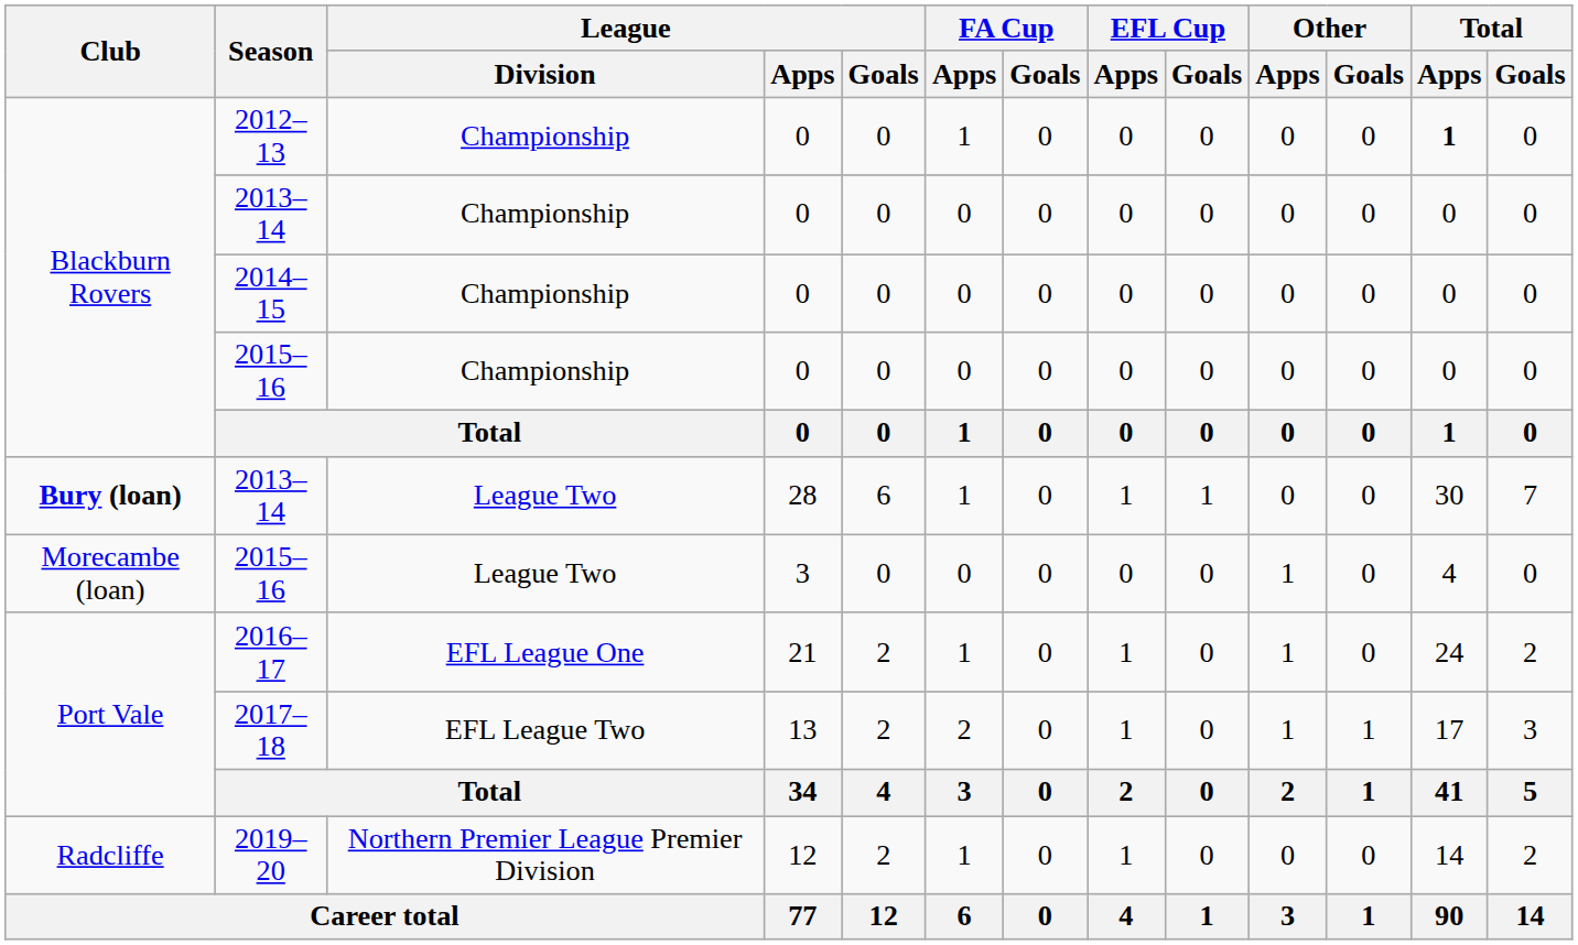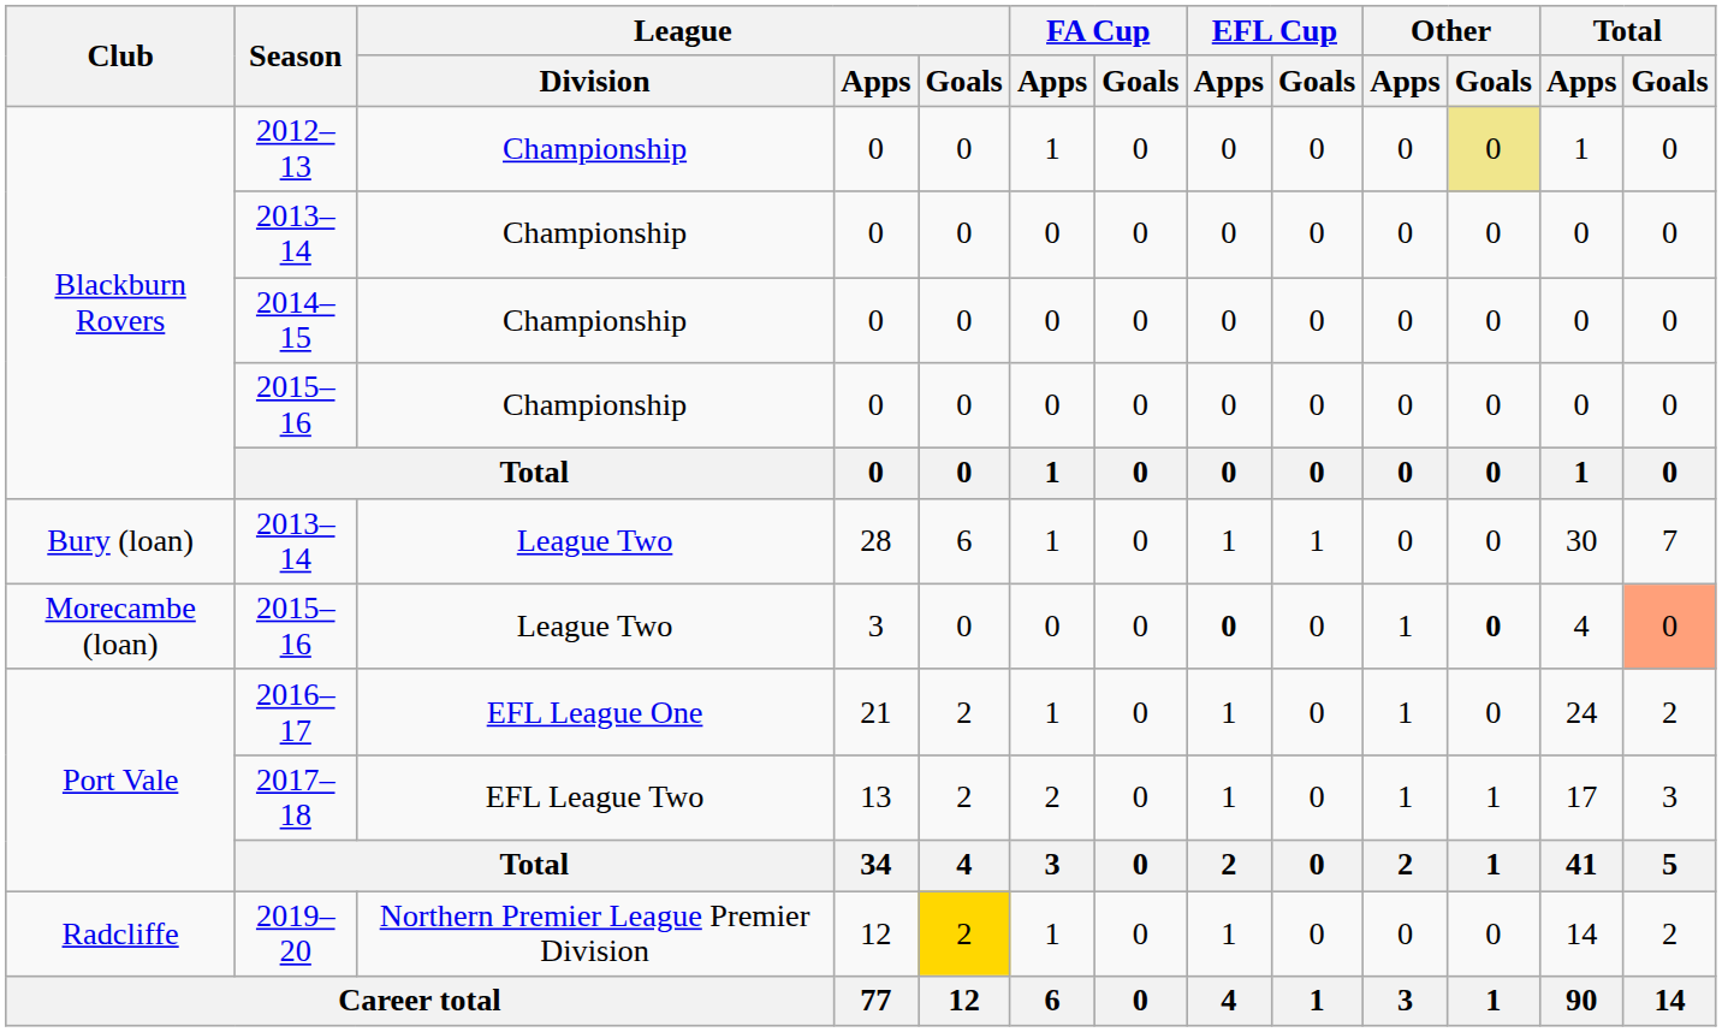 <table class="wikitable" style="text-align:center">
 <tr>
 <th rowspan="2">Club</th>
 <th rowspan="2">Season</th>
 <th colspan="3">League</th>
 <th colspan="2"><a href='#'>FA Cup</a></th>
 <th colspan="2"><a href='#'>EFL Cup</a></th>
 <th colspan="2">Other</th>
 <th colspan="2">Total</th>
 </tr>
 <tr>
 <th>Division</th>
 <th>Apps</th>
 <th>Goals</th>
 <th>Apps</th>
 <th>Goals</th>
 <th>Apps</th>
 <th>Goals</th>
 <th>Apps</th>
 <th>Goals</th>
 <th>Apps</th>
 <th>Goals</th>
 </tr>
 <tr>
 <td rowspan=5><a href='#'>Blackburn Rovers</a></td>
 <td><a href='#'>2012–13</a></td>
 <td><a href='#'>Championship</a></td>
 <td>0</td>
 <td>0</td>
 <td>1</td>
 <td>0</td>
 <td>0</td>
 <td>0</td>
 <td>0</td>
-<td>0</td>
-<td><strong>1</strong></td>
+<td style="background: khaki;">0</td>
+<td>1</td>
 <td>0</td>
 </tr>
 <tr>
 <td><a href='#'>2013–14</a></td>
 <td>Championship</td>
 <td>0</td>
 <td>0</td>
 <td>0</td>
 <td>0</td>
 <td>0</td>
 <td>0</td>
 <td>0</td>
 <td>0</td>
 <td>0</td>
 <td>0</td>
 </tr>
 <tr>
 <td><a href='#'>2014–15</a></td>
 <td>Championship</td>
 <td>0</td>
 <td>0</td>
 <td>0</td>
 <td>0</td>
 <td>0</td>
 <td>0</td>
 <td>0</td>
 <td>0</td>
 <td>0</td>
 <td>0</td>
 </tr>
 <tr>
 <td><a href='#'>2015–16</a></td>
 <td>Championship</td>
 <td>0</td>
 <td>0</td>
 <td>0</td>
 <td>0</td>
 <td>0</td>
 <td>0</td>
 <td>0</td>
 <td>0</td>
 <td>0</td>
 <td>0</td>
 </tr>
 <tr>
 <th colspan="2">Total</th>
 <th>0</th>
 <th>0</th>
 <th>1</th>
 <th>0</th>
 <th>0</th>
 <th>0</th>
 <th>0</th>
 <th>0</th>
 <th>1</th>
 <th>0</th>
 </tr>
 <tr>
-<td><strong><a href='#'>Bury</a> (loan)</strong></td>
+<td><a href='#'>Bury</a> (loan)</td>
 <td><a href='#'>2013–14</a></td>
 <td><a href='#'>League Two</a></td>
 <td>28</td>
 <td>6</td>
 <td>1</td>
 <td>0</td>
 <td>1</td>
 <td>1</td>
 <td>0</td>
 <td>0</td>
 <td>30</td>
 <td>7</td>
 </tr>
 <tr>
 <td><a href='#'>Morecambe</a> (loan)</td>
 <td><a href='#'>2015–16</a></td>
 <td>League Two</td>
 <td>3</td>
 <td>0</td>
 <td>0</td>
 <td>0</td>
-<td>0</td>
+<td><strong>0</strong></td>
 <td>0</td>
 <td>1</td>
-<td>0</td>
+<td><strong>0</strong></td>
 <td>4</td>
-<td>0</td>
+<td style="background: lightsalmon;">0</td>
 </tr>
 <tr>
 <td rowspan="3"><a href='#'>Port Vale</a></td>
 <td><a href='#'>2016–17</a></td>
 <td><a href='#'>EFL League One</a></td>
 <td>21</td>
 <td>2</td>
 <td>1</td>
 <td>0</td>
 <td>1</td>
 <td>0</td>
 <td>1</td>
 <td>0</td>
 <td>24</td>
 <td>2</td>
 </tr>
 <tr>
 <td><a href='#'>2017–18</a></td>
 <td>EFL League Two</td>
 <td>13</td>
 <td>2</td>
 <td>2</td>
 <td>0</td>
 <td>1</td>
 <td>0</td>
 <td>1</td>
 <td>1</td>
 <td>17</td>
 <td>3</td>
 </tr>
 <tr>
 <th colspan="2">Total</th>
 <th>34</th>
 <th>4</th>
 <th>3</th>
 <th>0</th>
 <th>2</th>
 <th>0</th>
 <th>2</th>
 <th>1</th>
 <th>41</th>
 <th>5</th>
 </tr>
 <tr>
 <td><a href='#'>Radcliffe</a></td>
 <td><a href='#'>2019–20</a></td>
 <td><a href='#'>Northern Premier League</a> Premier Division</td>
 <td>12</td>
-<td>2</td>
+<td style="background: gold;">2</td>
 <td>1</td>
 <td>0</td>
 <td>1</td>
 <td>0</td>
 <td>0</td>
 <td>0</td>
 <td>14</td>
 <td>2</td>
 </tr>
 <tr>
 <th colspan="3">Career total</th>
 <th>77</th>
 <th>12</th>
 <th>6</th>
 <th>0</th>
 <th>4</th>
 <th>1</th>
 <th>3</th>
 <th>1</th>
 <th>90</th>
 <th>14</th>
 </tr>
 </table>
